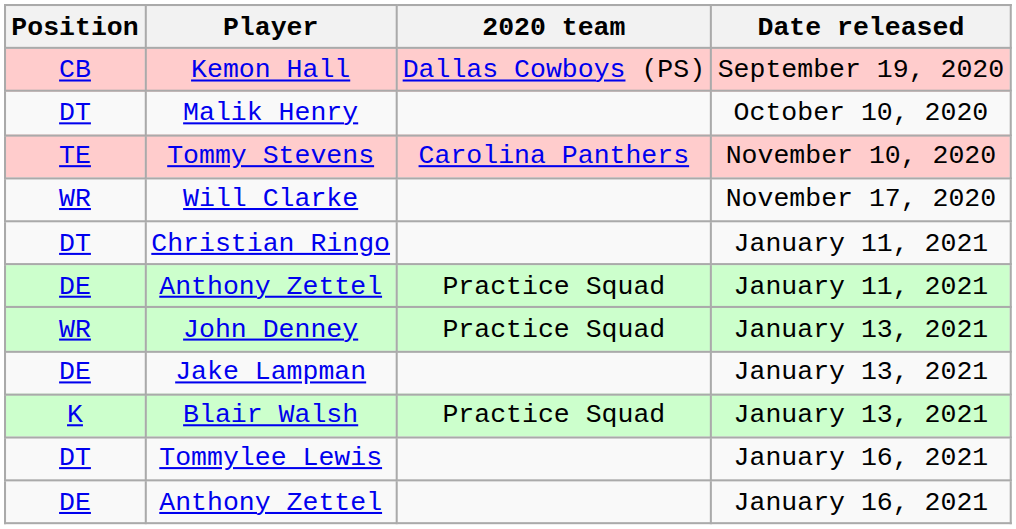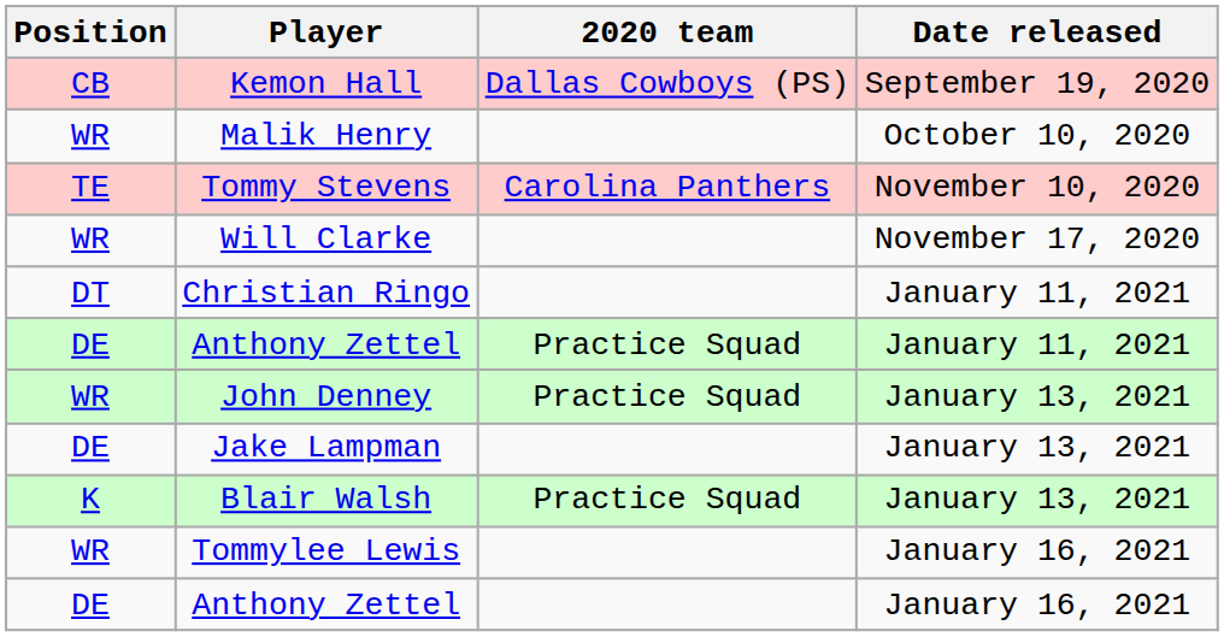 <table class="wikitable" style="text-align:center">
 <tr>
 <th>Position</th>
 <th>Player</th>
 <th>2020 team</th>
 <th>Date released</th>
 </tr>
 <tr style="background:#fcc">
 <td><a href='#'>CB</a></td>
 <td><a href='#'>Kemon Hall</a></td>
 <td><a href='#'>Dallas Cowboys</a> (PS)</td>
 <td>September 19, 2020</td>
 </tr>
 <tr>
-<td><a href='#'>DT</a></td>
+<td><a href='#'>WR</a></td>
 <td><a href='#'>Malik Henry</a></td>
 <td></td>
 <td>October 10, 2020</td>
 </tr>
 <tr style="background:#fcc">
 <td><a href='#'>TE</a></td>
 <td><a href='#'>Tommy Stevens</a></td>
 <td><a href='#'>Carolina Panthers</a></td>
 <td>November 10, 2020</td>
 </tr>
 <tr>
 <td><a href='#'>WR</a></td>
 <td><a href='#'>Will Clarke</a></td>
 <td></td>
 <td>November 17, 2020</td>
 </tr>
 <tr>
 <td><a href='#'>DT</a></td>
 <td><a href='#'>Christian Ringo</a></td>
 <td></td>
 <td>January 11, 2021</td>
 </tr>
 <tr style="background:#cfc">
 <td><a href='#'>DE</a></td>
 <td><a href='#'>Anthony Zettel</a></td>
 <td>Practice Squad</td>
 <td>January 11, 2021</td>
 </tr>
 <tr style="background:#cfc">
 <td><a href='#'>WR</a></td>
 <td><a href='#'>John Denney</a></td>
 <td>Practice Squad</td>
 <td>January 13, 2021</td>
 </tr>
 <tr>
 <td><a href='#'>DE</a></td>
 <td><a href='#'>Jake Lampman</a></td>
 <td></td>
 <td>January 13, 2021</td>
 </tr>
 <tr style="background:#cfc">
 <td><a href='#'>K</a></td>
 <td><a href='#'>Blair Walsh</a></td>
 <td>Practice Squad</td>
 <td>January 13, 2021</td>
 </tr>
 <tr>
-<td><a href='#'>DT</a></td>
+<td><a href='#'>WR</a></td>
 <td><a href='#'>Tommylee Lewis</a></td>
 <td></td>
 <td>January 16, 2021</td>
 </tr>
 <tr>
 <td><a href='#'>DE</a></td>
 <td><a href='#'>Anthony Zettel</a></td>
 <td></td>
 <td>January 16, 2021</td>
 </tr>
 </table>
